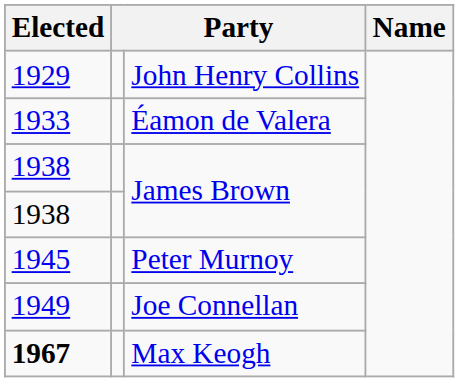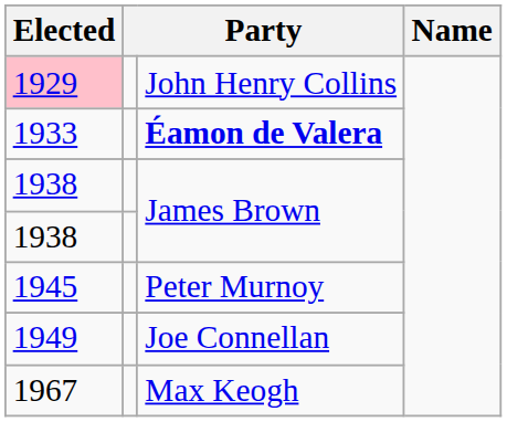 <table class="wikitable">
 <tr>
 <th>Elected</th>
 <th colspan=2>Party</th>
 <th>Name</th>
 </tr>
 <tr>
-<td><a href='#'>1929</a></td>
+<td style="background: pink;"><a href='#'>1929</a></td>
 <td></td>
 <td><a href='#'>John Henry Collins</a></td>
 </tr>
 <tr>
 <td><a href='#'>1933</a></td>
 <td></td>
-<td><a href='#'>Éamon de Valera</a></td>
+<td><strong><a href='#'>Éamon de Valera</a></strong></td>
 </tr>
 <tr>
 <td><a href='#'>1938</a></td>
 <td></td>
 <td rowspan=2><a href='#'>James Brown</a></td>
 </tr>
 <tr>
 <td>1938</td>
 <td></td>
 </tr>
 <tr>
 <td><a href='#'>1945</a></td>
 <td></td>
 <td><a href='#'>Peter Murnoy</a></td>
 </tr>
 <tr>
 <td><a href='#'>1949</a></td>
 <td></td>
 <td><a href='#'>Joe Connellan</a></td>
 </tr>
 <tr>
-<td><strong>1967</strong></td>
+<td>1967</td>
 <td></td>
 <td><a href='#'>Max Keogh</a></td>
 </tr>
 </table>
